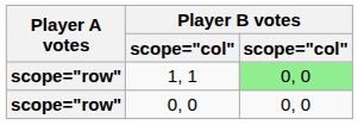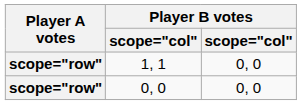 <table class="wikitable floatright" style="text-align:center; font-size:95%; margin-left:1em; margin-bottom:1ex">
 <tr>
 <th scope="col" rowspan="2">Player A<br> votes</th>
 <th scope="row" colspan="2">Player B votes</th>
 </tr>
 <tr>
 <th>scope="col" </th>
 <th>scope="col" </th>
 </tr>
 <tr>
 <th>scope="row" </th>
 <td>1, 1</td>
-<td style="background: lightgreen;">0, 0</td>
+<td>0, 0</td>
 </tr>
 <tr>
 <th>scope="row" </th>
 <td>0, 0</td>
 <td>0, 0</td>
 </tr>
 </table>
